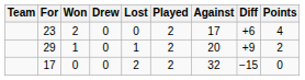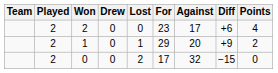 <table class="wikitable" style="text-align:center">
 <tr>
 <th>Team</th>
-<th>For</th>
+<th>Played</th>
 <th>Won</th>
 <th>Drew</th>
 <th>Lost</th>
-<th>Played</th>
+<th>For</th>
 <th>Against</th>
 <th>Diff</th>
 <th>Points</th>
 </tr>
 <tr>
 <td align=left></td>
-<td>23</td>
+<td>2</td>
 <td>2</td>
 <td>0</td>
 <td>0</td>
-<td>2</td>
+<td>23</td>
 <td>17</td>
 <td>+6</td>
 <td>4</td>
 </tr>
 <tr>
 <td align=left></td>
-<td>29</td>
+<td>2</td>
 <td>1</td>
 <td>0</td>
 <td>1</td>
-<td>2</td>
+<td>29</td>
 <td>20</td>
 <td>+9</td>
 <td>2</td>
 </tr>
 <tr>
 <td align=left></td>
-<td>17</td>
+<td>2</td>
 <td>0</td>
 <td>0</td>
 <td>2</td>
-<td>2</td>
+<td>17</td>
 <td>32</td>
 <td>−15</td>
 <td>0</td>
 </tr>
 </table>
